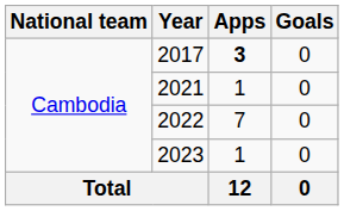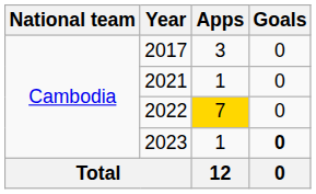 <table class="wikitable" style="text-align:center">
 <tr>
 <th>National team</th>
 <th>Year</th>
 <th>Apps</th>
 <th>Goals</th>
 </tr>
 <tr>
 <td rowspan="4"><a href='#'>Cambodia</a></td>
 <td>2017</td>
-<td><strong>3</strong></td>
+<td>3</td>
 <td>0</td>
 </tr>
 <tr>
 <td>2021</td>
 <td>1</td>
 <td>0</td>
 </tr>
 <tr>
 <td>2022</td>
-<td>7</td>
+<td style="background: gold;">7</td>
 <td>0</td>
 </tr>
 <tr>
 <td>2023</td>
 <td>1</td>
-<td>0</td>
+<td><strong>0</strong></td>
 </tr>
 <tr>
 <th colspan=2>Total</th>
 <th>12</th>
 <th>0</th>
 </tr>
 </table>
